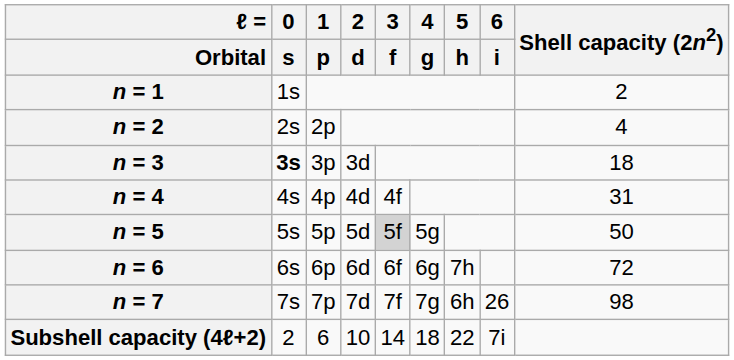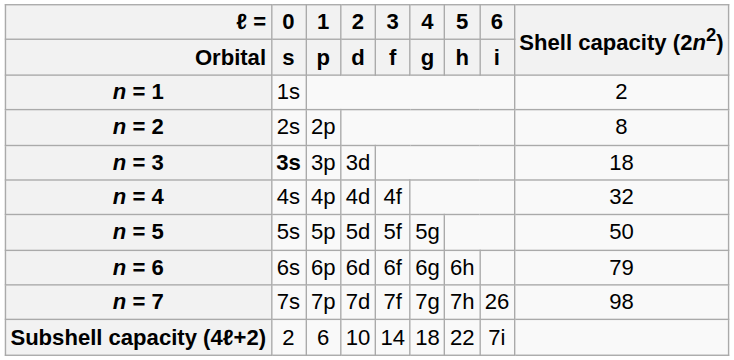 <table class="wikitable" style="float:right; margin:0.5em; text-align:center;">
 <tr>
 <th style="text-align:right;">ℓ =</th>
 <th>0</th>
 <th>1</th>
 <th>2</th>
 <th>3</th>
 <th>4</th>
 <th>5</th>
 <th>6</th>
 <th rowspan=2>Shell capacity  (2<em>n</em><sup>2</sup>)</th>
 </tr>
 <tr>
 <th style="text-align:right;">Orbital</th>
 <th>s</th>
 <th>p</th>
 <th>d</th>
 <th>f</th>
 <th>g</th>
 <th>h</th>
 <th>i</th>
 </tr>
 <tr>
 <th><em>n</em> = 1</th>
 <td>1s</td>
 <td colspan=6></td>
 <td>2</td>
 </tr>
 <tr>
 <th><em>n</em> = 2</th>
 <td>2s</td>
 <td>2p</td>
 <td colspan=5></td>
-<td>4</td>
+<td>8</td>
 </tr>
 <tr>
 <th><em>n</em> = 3</th>
 <td><strong>3s</strong></td>
 <td>3p</td>
 <td>3d</td>
 <td colspan=4></td>
 <td>18</td>
 </tr>
 <tr>
 <th><em>n</em> = 4</th>
 <td>4s</td>
 <td>4p</td>
 <td>4d</td>
 <td>4f</td>
 <td colspan=3></td>
-<td>31</td>
+<td>32</td>
 </tr>
 <tr>
 <th><em>n</em> = 5</th>
 <td>5s</td>
 <td>5p</td>
 <td>5d</td>
-<td style="background: lightgrey;">5f</td>
+<td>5f</td>
 <td>5g</td>
 <td colspan=2></td>
 <td>50</td>
 </tr>
 <tr>
 <th><em>n</em> = 6</th>
 <td>6s</td>
 <td>6p</td>
 <td>6d</td>
 <td>6f</td>
 <td>6g</td>
-<td>7h</td>
+<td>6h</td>
 <td></td>
-<td>72</td>
+<td>79</td>
 </tr>
 <tr>
 <th><em>n</em> = 7</th>
 <td>7s</td>
 <td>7p</td>
 <td>7d</td>
 <td>7f</td>
 <td>7g</td>
-<td>6h</td>
+<td>7h</td>
 <td>26</td>
 <td>98</td>
 </tr>
 <tr>
 <th>Subshell capacity (4ℓ+2)</th>
 <td>2</td>
 <td>6</td>
 <td>10</td>
 <td>14</td>
 <td>18</td>
 <td>22</td>
 <td>7i</td>
 <td></td>
 </tr>
 </table>
